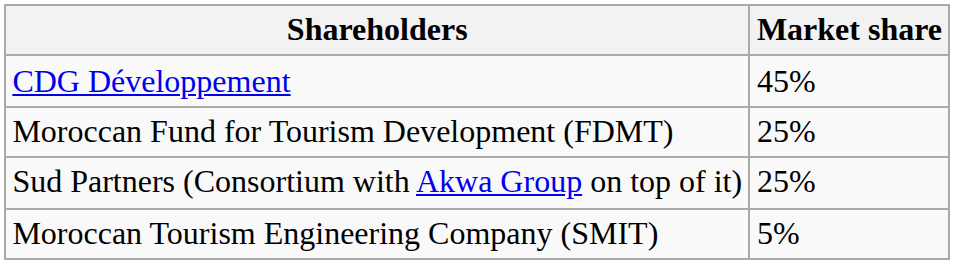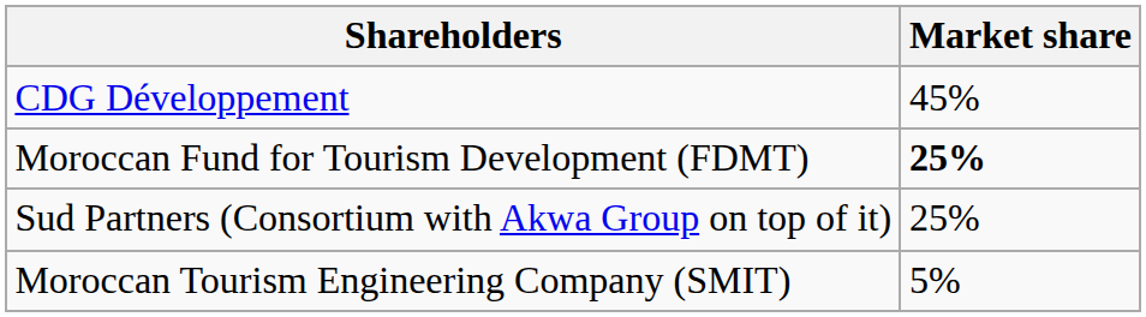 <table class="wikitable">
 <tr>
 <th>Shareholders</th>
 <th>Market share</th>
 </tr>
 <tr>
 <td><a href='#'>CDG Développement</a></td>
 <td>45%</td>
 </tr>
 <tr>
 <td>Moroccan Fund for Tourism Development (FDMT)</td>
-<td>25%</td>
+<td><strong>25%</strong></td>
 </tr>
 <tr>
 <td>Sud Partners (Consortium with <a href='#'>Akwa Group</a> on top of it)</td>
 <td>25%</td>
 </tr>
 <tr>
 <td>Moroccan Tourism Engineering Company (SMIT)</td>
 <td>5%</td>
 </tr>
 </table>
